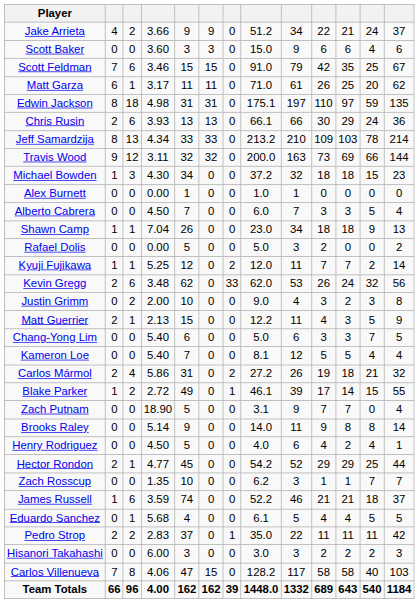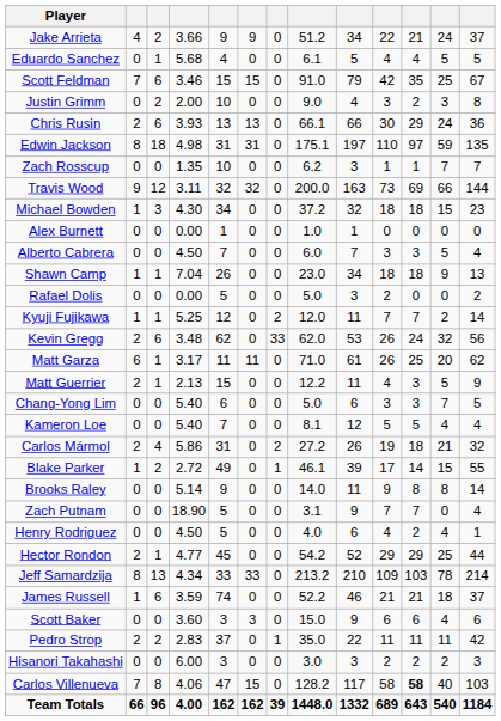 <table class="wikitable sortable" style="text-align:center;">
 <tr>
 <th>Player</th>
 <th></th>
 <th></th>
 <th></th>
 <th></th>
 <th></th>
 <th></th>
 <th></th>
 <th></th>
 <th></th>
 <th></th>
 <th></th>
 <th></th>
 </tr>
 <tr>
 <td><a href='#'>Jake Arrieta</a></td>
 <td>4</td>
 <td>2</td>
 <td>3.66</td>
 <td>9</td>
 <td>9</td>
 <td>0</td>
 <td>51.2</td>
 <td>34</td>
 <td>22</td>
 <td>21</td>
 <td>24</td>
 <td>37</td>
 </tr>
 <tr>
-<td><a href='#'>Scott Baker</a></td>
+<td><a href='#'>Eduardo Sanchez</a></td>
+<td>0</td>
+<td>1</td>
+<td>5.68</td>
+<td>4</td>
 <td>0</td>
 <td>0</td>
-<td>3.60</td>
-<td>3</td>
-<td>3</td>
-<td>0</td>
-<td>15.0</td>
-<td>9</td>
-<td>6</td>
-<td>6</td>
+<td>6.1</td>
+<td>5</td>
 <td>4</td>
-<td>6</td>
+<td>4</td>
+<td>5</td>
+<td>5</td>
 </tr>
 <tr>
 <td><a href='#'>Scott Feldman</a></td>
 <td>7</td>
 <td>6</td>
 <td>3.46</td>
 <td>15</td>
 <td>15</td>
 <td>0</td>
 <td>91.0</td>
 <td>79</td>
 <td>42</td>
 <td>35</td>
 <td>25</td>
 <td>67</td>
 </tr>
 <tr>
-<td><a href='#'>Matt Garza</a></td>
+<td><a href='#'>Justin Grimm</a></td>
+<td>0</td>
+<td>2</td>
+<td>2.00</td>
+<td>10</td>
+<td>0</td>
+<td>0</td>
+<td>9.0</td>
+<td>4</td>
+<td>3</td>
+<td>2</td>
+<td>3</td>
+<td>8</td>
+</tr>
+<tr>
+<td><a href='#'>Chris Rusin</a></td>
+<td>2</td>
 <td>6</td>
-<td>1</td>
-<td>3.17</td>
-<td>11</td>
-<td>11</td>
+<td>3.93</td>
+<td>13</td>
+<td>13</td>
 <td>0</td>
-<td>71.0</td>
-<td>61</td>
-<td>26</td>
-<td>25</td>
-<td>20</td>
-<td>62</td>
+<td>66.1</td>
+<td>66</td>
+<td>30</td>
+<td>29</td>
+<td>24</td>
+<td>36</td>
 </tr>
 <tr>
 <td><a href='#'>Edwin Jackson</a></td>
 <td>8</td>
 <td>18</td>
 <td>4.98</td>
 <td>31</td>
 <td>31</td>
 <td>0</td>
 <td>175.1</td>
 <td>197</td>
 <td>110</td>
 <td>97</td>
 <td>59</td>
 <td>135</td>
 </tr>
 <tr>
-<td><a href='#'>Chris Rusin</a></td>
-<td>2</td>
-<td>6</td>
-<td>3.93</td>
-<td>13</td>
-<td>13</td>
+<td><a href='#'>Zach Rosscup</a></td>
 <td>0</td>
-<td>66.1</td>
-<td>66</td>
-<td>30</td>
-<td>29</td>
-<td>24</td>
-<td>36</td>
-</tr>
-<tr>
-<td><a href='#'>Jeff Samardzija</a></td>
-<td>8</td>
-<td>13</td>
-<td>4.34</td>
-<td>33</td>
-<td>33</td>
 <td>0</td>
-<td>213.2</td>
-<td>210</td>
-<td>109</td>
-<td>103</td>
-<td>78</td>
-<td>214</td>
+<td>1.35</td>
+<td>10</td>
+<td>0</td>
+<td>0</td>
+<td>6.2</td>
+<td>3</td>
+<td>1</td>
+<td>1</td>
+<td>7</td>
+<td>7</td>
 </tr>
 <tr>
 <td><a href='#'>Travis Wood</a></td>
 <td>9</td>
 <td>12</td>
 <td>3.11</td>
 <td>32</td>
 <td>32</td>
 <td>0</td>
 <td>200.0</td>
 <td>163</td>
 <td>73</td>
 <td>69</td>
 <td>66</td>
 <td>144</td>
 </tr>
 <tr>
 <td><a href='#'>Michael Bowden</a></td>
 <td>1</td>
 <td>3</td>
 <td>4.30</td>
 <td>34</td>
 <td>0</td>
 <td>0</td>
 <td>37.2</td>
 <td>32</td>
 <td>18</td>
 <td>18</td>
 <td>15</td>
 <td>23</td>
 </tr>
 <tr>
 <td><a href='#'>Alex Burnett</a></td>
 <td>0</td>
 <td>0</td>
 <td>0.00</td>
 <td>1</td>
 <td>0</td>
 <td>0</td>
 <td>1.0</td>
 <td>1</td>
 <td>0</td>
 <td>0</td>
 <td>0</td>
 <td>0</td>
 </tr>
 <tr>
 <td><a href='#'>Alberto Cabrera</a></td>
 <td>0</td>
 <td>0</td>
 <td>4.50</td>
 <td>7</td>
 <td>0</td>
 <td>0</td>
 <td>6.0</td>
 <td>7</td>
 <td>3</td>
 <td>3</td>
 <td>5</td>
 <td>4</td>
 </tr>
 <tr>
 <td><a href='#'>Shawn Camp</a></td>
 <td>1</td>
 <td>1</td>
 <td>7.04</td>
 <td>26</td>
 <td>0</td>
 <td>0</td>
 <td>23.0</td>
 <td>34</td>
 <td>18</td>
 <td>18</td>
 <td>9</td>
 <td>13</td>
 </tr>
 <tr>
 <td><a href='#'>Rafael Dolis</a></td>
 <td>0</td>
 <td>0</td>
 <td>0.00</td>
 <td>5</td>
 <td>0</td>
 <td>0</td>
 <td>5.0</td>
 <td>3</td>
 <td>2</td>
 <td>0</td>
 <td>0</td>
 <td>2</td>
 </tr>
 <tr>
 <td><a href='#'>Kyuji Fujikawa</a></td>
 <td>1</td>
 <td>1</td>
 <td>5.25</td>
 <td>12</td>
 <td>0</td>
 <td>2</td>
 <td>12.0</td>
 <td>11</td>
 <td>7</td>
 <td>7</td>
 <td>2</td>
 <td>14</td>
 </tr>
 <tr>
 <td><a href='#'>Kevin Gregg</a></td>
 <td>2</td>
 <td>6</td>
 <td>3.48</td>
 <td>62</td>
 <td>0</td>
 <td>33</td>
 <td>62.0</td>
 <td>53</td>
 <td>26</td>
 <td>24</td>
 <td>32</td>
 <td>56</td>
 </tr>
 <tr>
-<td><a href='#'>Justin Grimm</a></td>
+<td><a href='#'>Matt Garza</a></td>
+<td>6</td>
+<td>1</td>
+<td>3.17</td>
+<td>11</td>
+<td>11</td>
 <td>0</td>
-<td>2</td>
-<td>2.00</td>
-<td>10</td>
-<td>0</td>
-<td>0</td>
-<td>9.0</td>
-<td>4</td>
-<td>3</td>
-<td>2</td>
-<td>3</td>
-<td>8</td>
+<td>71.0</td>
+<td>61</td>
+<td>26</td>
+<td>25</td>
+<td>20</td>
+<td>62</td>
 </tr>
 <tr>
 <td><a href='#'>Matt Guerrier</a></td>
 <td>2</td>
 <td>1</td>
 <td>2.13</td>
 <td>15</td>
 <td>0</td>
 <td>0</td>
 <td>12.2</td>
 <td>11</td>
 <td>4</td>
 <td>3</td>
 <td>5</td>
 <td>9</td>
 </tr>
 <tr>
 <td><a href='#'>Chang-Yong Lim</a></td>
 <td>0</td>
 <td>0</td>
 <td>5.40</td>
 <td>6</td>
 <td>0</td>
 <td>0</td>
 <td>5.0</td>
 <td>6</td>
 <td>3</td>
 <td>3</td>
 <td>7</td>
 <td>5</td>
 </tr>
 <tr>
 <td><a href='#'>Kameron Loe</a></td>
 <td>0</td>
 <td>0</td>
 <td>5.40</td>
 <td>7</td>
 <td>0</td>
 <td>0</td>
 <td>8.1</td>
 <td>12</td>
 <td>5</td>
 <td>5</td>
 <td>4</td>
 <td>4</td>
 </tr>
 <tr>
 <td><a href='#'>Carlos Mármol</a></td>
 <td>2</td>
 <td>4</td>
 <td>5.86</td>
 <td>31</td>
 <td>0</td>
 <td>2</td>
 <td>27.2</td>
 <td>26</td>
 <td>19</td>
 <td>18</td>
 <td>21</td>
 <td>32</td>
 </tr>
 <tr>
 <td><a href='#'>Blake Parker</a></td>
 <td>1</td>
 <td>2</td>
 <td>2.72</td>
 <td>49</td>
 <td>0</td>
 <td>1</td>
 <td>46.1</td>
 <td>39</td>
 <td>17</td>
 <td>14</td>
 <td>15</td>
 <td>55</td>
 </tr>
 <tr>
+<td><a href='#'>Brooks Raley</a></td>
+<td>0</td>
+<td>0</td>
+<td>5.14</td>
+<td>9</td>
+<td>0</td>
+<td>0</td>
+<td>14.0</td>
+<td>11</td>
+<td>9</td>
+<td>8</td>
+<td>8</td>
+<td>14</td>
+</tr>
+<tr>
 <td><a href='#'>Zach Putnam</a></td>
 <td>0</td>
 <td>0</td>
 <td>18.90</td>
 <td>5</td>
 <td>0</td>
 <td>0</td>
 <td>3.1</td>
 <td>9</td>
 <td>7</td>
 <td>7</td>
 <td>0</td>
 <td>4</td>
-</tr>
-<tr>
-<td><a href='#'>Brooks Raley</a></td>
-<td>0</td>
-<td>0</td>
-<td>5.14</td>
-<td>9</td>
-<td>0</td>
-<td>0</td>
-<td>14.0</td>
-<td>11</td>
-<td>9</td>
-<td>8</td>
-<td>8</td>
-<td>14</td>
 </tr>
 <tr>
 <td><a href='#'>Henry Rodriguez</a></td>
 <td>0</td>
 <td>0</td>
 <td>4.50</td>
 <td>5</td>
 <td>0</td>
 <td>0</td>
 <td>4.0</td>
 <td>6</td>
 <td>4</td>
 <td>2</td>
 <td>4</td>
 <td>1</td>
 </tr>
 <tr>
 <td><a href='#'>Hector Rondon</a></td>
 <td>2</td>
 <td>1</td>
 <td>4.77</td>
 <td>45</td>
 <td>0</td>
 <td>0</td>
 <td>54.2</td>
 <td>52</td>
 <td>29</td>
 <td>29</td>
 <td>25</td>
 <td>44</td>
 </tr>
 <tr>
-<td><a href='#'>Zach Rosscup</a></td>
+<td><a href='#'>Jeff Samardzija</a></td>
+<td>8</td>
+<td>13</td>
+<td>4.34</td>
+<td>33</td>
+<td>33</td>
 <td>0</td>
-<td>0</td>
-<td>1.35</td>
-<td>10</td>
-<td>0</td>
-<td>0</td>
-<td>6.2</td>
-<td>3</td>
-<td>1</td>
-<td>1</td>
-<td>7</td>
-<td>7</td>
+<td>213.2</td>
+<td>210</td>
+<td>109</td>
+<td>103</td>
+<td>78</td>
+<td>214</td>
 </tr>
 <tr>
 <td><a href='#'>James Russell</a></td>
 <td>1</td>
 <td>6</td>
 <td>3.59</td>
 <td>74</td>
 <td>0</td>
 <td>0</td>
 <td>52.2</td>
 <td>46</td>
 <td>21</td>
 <td>21</td>
 <td>18</td>
 <td>37</td>
 </tr>
 <tr>
-<td><a href='#'>Eduardo Sanchez</a></td>
-<td>0</td>
-<td>1</td>
-<td>5.68</td>
-<td>4</td>
+<td><a href='#'>Scott Baker</a></td>
 <td>0</td>
 <td>0</td>
-<td>6.1</td>
-<td>5</td>
+<td>3.60</td>
+<td>3</td>
+<td>3</td>
+<td>0</td>
+<td>15.0</td>
+<td>9</td>
+<td>6</td>
+<td>6</td>
 <td>4</td>
-<td>4</td>
-<td>5</td>
-<td>5</td>
+<td>6</td>
 </tr>
 <tr>
 <td><a href='#'>Pedro Strop</a></td>
 <td>2</td>
 <td>2</td>
 <td>2.83</td>
 <td>37</td>
 <td>0</td>
 <td>1</td>
 <td>35.0</td>
 <td>22</td>
 <td>11</td>
 <td>11</td>
 <td>11</td>
 <td>42</td>
 </tr>
 <tr>
 <td><a href='#'>Hisanori Takahashi</a></td>
 <td>0</td>
 <td>0</td>
 <td>6.00</td>
 <td>3</td>
 <td>0</td>
 <td>0</td>
 <td>3.0</td>
 <td>3</td>
 <td>2</td>
 <td>2</td>
 <td>2</td>
 <td>3</td>
 </tr>
 <tr>
 <td><a href='#'>Carlos Villenueva</a></td>
 <td>7</td>
 <td>8</td>
 <td>4.06</td>
 <td>47</td>
 <td>15</td>
 <td>0</td>
 <td>128.2</td>
 <td>117</td>
 <td>58</td>
-<td>58</td>
+<td><strong>58</strong></td>
 <td>40</td>
 <td>103</td>
 </tr>
 <tr>
 <td><strong>Team Totals</strong></td>
 <td><strong>66</strong></td>
 <td><strong>96</strong></td>
 <td><strong>4.00</strong></td>
 <td><strong>162</strong></td>
 <td><strong>162</strong></td>
 <td><strong>39</strong></td>
 <td><strong>1448.0</strong></td>
 <td><strong>1332</strong></td>
 <td><strong>689</strong></td>
 <td><strong>643</strong></td>
 <td><strong>540</strong></td>
 <td><strong>1184</strong></td>
 </tr>
 </table>
